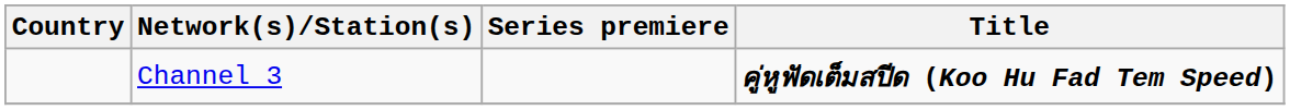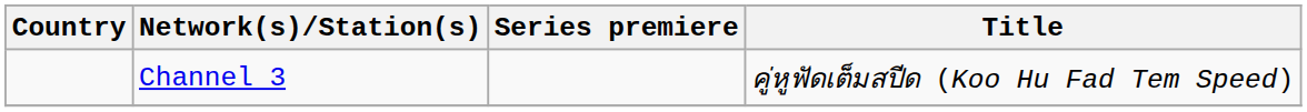 <table class="sortable wikitable">
 <tr>
 <th>Country</th>
 <th>Network(s)/Station(s)</th>
 <th>Series premiere</th>
 <th>Title</th>
 </tr>
 <tr>
 <td></td>
 <td><a href='#'>Channel 3</a></td>
 <td></td>
-<td><strong><em>คู่หูฟัดเต็มสปีด</em> (<em>Koo Hu Fad Tem Speed</em>)</strong></td>
+<td><em>คู่หูฟัดเต็มสปีด</em> (<em>Koo Hu Fad Tem Speed</em>)</td>
 </tr>
 <tr>
 </tr>
 </table>
